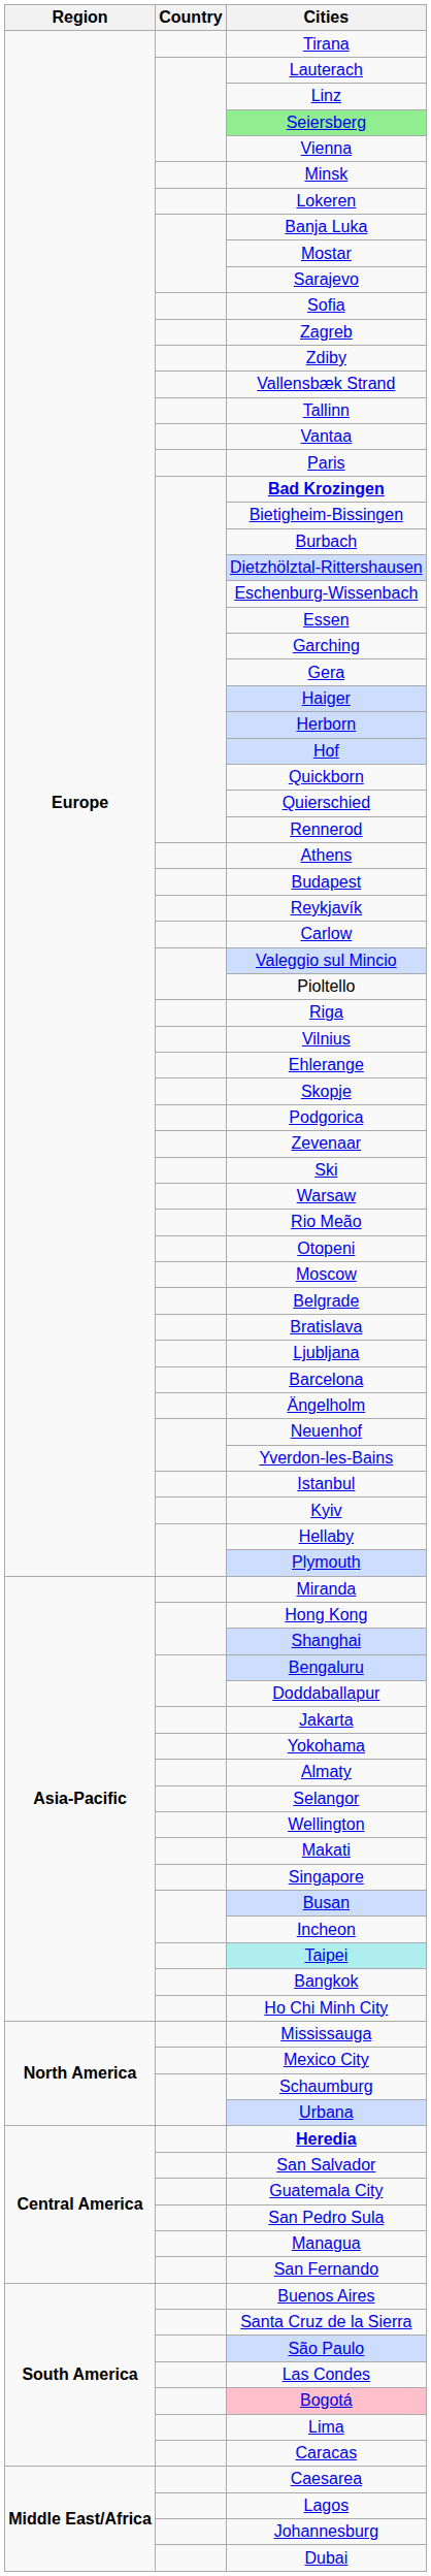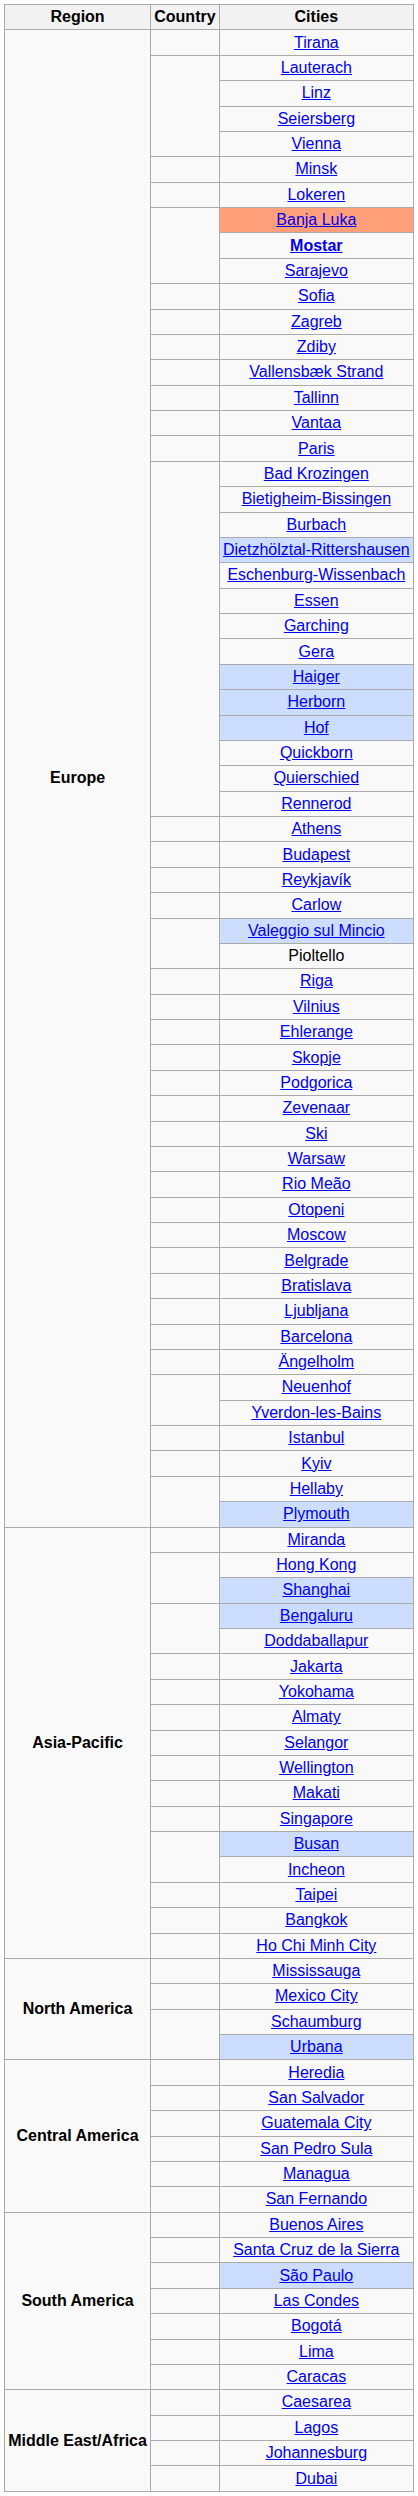 <table class="wikitable non-sortable mw-collapsible">
 <tr>
 <th>Region</th>
 <th>Country</th>
 <th>Cities</th>
 </tr>
 <tr>
 <td style="text-align:center;" rowspan="59"><strong>Europe</strong></td>
 <td rowspan="1"></td>
 <td style="text-align:center;"><a href='#'>Tirana</a></td>
 </tr>
 <tr>
 <td rowspan="4"></td>
 <td style="text-align:center;"><a href='#'>Lauterach</a></td>
 </tr>
 <tr>
 <td style="text-align:center;"><a href='#'>Linz</a></td>
 </tr>
 <tr>
-<td style="background: lightgreen; text-align:center;"><a href='#'>Seiersberg</a></td>
+<td style="text-align:center;"><a href='#'>Seiersberg</a></td>
 </tr>
 <tr>
 <td style="text-align:center;"><a href='#'>Vienna</a></td>
 </tr>
 <tr>
 <td rowspan="1"></td>
 <td style="text-align:center;"><a href='#'>Minsk</a></td>
 </tr>
 <tr>
 <td rowspan="1"></td>
 <td style="text-align:center;"><a href='#'>Lokeren</a></td>
 </tr>
 <tr>
 <td rowspan="3"></td>
-<td style="text-align:center;"><a href='#'>Banja Luka</a></td>
+<td style="background: lightsalmon; text-align:center;"><a href='#'>Banja Luka</a></td>
 </tr>
 <tr>
-<td style="text-align:center;"><a href='#'>Mostar</a></td>
+<td style="text-align:center;"><strong><a href='#'>Mostar</a></strong></td>
 </tr>
 <tr>
 <td style="text-align:center;"><a href='#'>Sarajevo</a></td>
 </tr>
 <tr>
 <td rowspan="1"></td>
 <td style="text-align:center;"><a href='#'>Sofia</a></td>
 </tr>
 <tr>
 <td rowspan="1"></td>
 <td style="text-align:center;"><a href='#'>Zagreb</a></td>
 </tr>
 <tr>
 <td rowspan="1"></td>
 <td style="text-align:center;"><a href='#'>Zdiby</a></td>
 </tr>
 <tr>
 <td rowspan="1"></td>
 <td style="text-align:center;"><a href='#'>Vallensbæk Strand</a></td>
 </tr>
 <tr>
 <td rowspan="1"></td>
 <td style="text-align:center;"><a href='#'>Tallinn</a></td>
 </tr>
 <tr>
 <td rowspan="1"></td>
 <td style="text-align:center;"><a href='#'>Vantaa</a></td>
 </tr>
 <tr>
 <td rowspan="1"></td>
 <td style="text-align:center;"><a href='#'>Paris</a></td>
 </tr>
 <tr>
 <td rowspan="14"></td>
-<td style="text-align:center;"><strong><a href='#'>Bad Krozingen</a></strong></td>
+<td style="text-align:center;"><a href='#'>Bad Krozingen</a></td>
 </tr>
 <tr>
 <td style="text-align:center;"><a href='#'>Bietigheim-Bissingen</a></td>
 </tr>
 <tr>
 <td style="text-align:center;"><a href='#'>Burbach</a></td>
 </tr>
 <tr>
 <td style="text-align:center; background:#ccddff;"><a href='#'>Dietzhölztal-Rittershausen</a></td>
 </tr>
 <tr>
 <td style="text-align:center;"><a href='#'>Eschenburg-Wissenbach</a></td>
 </tr>
 <tr>
 <td style="text-align:center;"><a href='#'>Essen</a></td>
 </tr>
 <tr>
 <td style="text-align:center;"><a href='#'>Garching</a></td>
 </tr>
 <tr>
 <td style="text-align:center;"><a href='#'>Gera</a></td>
 </tr>
 <tr>
 <td style="text-align:center; background:#ccddff;"><a href='#'>Haiger</a></td>
 </tr>
 <tr>
 <td style="text-align:center; background:#ccddff;"><a href='#'>Herborn</a></td>
 </tr>
 <tr>
 <td style="text-align:center; background:#ccddff;"><a href='#'>Hof</a></td>
 </tr>
 <tr>
 <td style="text-align:center;"><a href='#'>Quickborn</a></td>
 </tr>
 <tr>
 <td style="text-align:center;"><a href='#'>Quierschied</a></td>
 </tr>
 <tr>
 <td style="text-align:center;"><a href='#'>Rennerod</a></td>
 </tr>
 <tr>
 <td rowspan="1"></td>
 <td style="text-align:center;"><a href='#'>Athens</a></td>
 </tr>
 <tr>
 <td rowspan="1"></td>
 <td style="text-align:center;"><a href='#'>Budapest</a></td>
 </tr>
 <tr>
 <td rowspan="1"></td>
 <td style="text-align:center;"><a href='#'>Reykjavík</a></td>
 </tr>
 <tr>
 <td rowspan="1"></td>
 <td style="text-align:center;"><a href='#'>Carlow</a></td>
 </tr>
 <tr>
 <td rowspan="2"></td>
 <td style="text-align:center; background:#ccddff;"><a href='#'>Valeggio sul Mincio</a></td>
 </tr>
 <tr>
 <td style="text-align:center;">Pioltello</td>
 </tr>
 <tr>
 <td rowspan="1"></td>
 <td style="text-align:center;"><a href='#'>Riga</a></td>
 </tr>
 <tr>
 <td rowspan="1"></td>
 <td style="text-align:center;"><a href='#'>Vilnius</a></td>
 </tr>
 <tr>
 <td rowspan="1"></td>
 <td style="text-align:center;"><a href='#'>Ehlerange</a></td>
 </tr>
 <tr>
 <td rowspan="1"></td>
 <td style="text-align:center;"><a href='#'>Skopje</a></td>
 </tr>
 <tr>
 <td rowspan="1"></td>
 <td style="text-align:center;"><a href='#'>Podgorica</a></td>
 </tr>
 <tr>
 <td rowspan="1"></td>
 <td style="text-align:center;"><a href='#'>Zevenaar</a></td>
 </tr>
 <tr>
 <td rowspan="1"></td>
 <td style="text-align:center;"><a href='#'>Ski</a></td>
 </tr>
 <tr>
 <td rowspan="1"></td>
 <td style="text-align:center;"><a href='#'>Warsaw</a></td>
 </tr>
 <tr>
 <td rowspan="1"></td>
 <td style="text-align:center;"><a href='#'>Rio Meão</a></td>
 </tr>
 <tr>
 <td rowspan="1"></td>
 <td style="text-align:center;"><a href='#'>Otopeni</a></td>
 </tr>
 <tr>
 <td rowspan="1"></td>
 <td style="text-align:center;"><a href='#'>Moscow</a></td>
 </tr>
 <tr>
 <td rowspan="1"></td>
 <td style="text-align:center;"><a href='#'>Belgrade</a></td>
 </tr>
 <tr>
 <td rowspan="1"></td>
 <td style="text-align:center;"><a href='#'>Bratislava</a></td>
 </tr>
 <tr>
 <td rowspan="1"></td>
 <td style="text-align:center;"><a href='#'>Ljubljana</a></td>
 </tr>
 <tr>
 <td rowspan="1"></td>
 <td style="text-align:center;"><a href='#'>Barcelona</a></td>
 </tr>
 <tr>
 <td rowspan="1"></td>
 <td style="text-align:center;"><a href='#'>Ängelholm</a></td>
 </tr>
 <tr>
 <td rowspan="2"></td>
 <td style="text-align:center;"><a href='#'>Neuenhof</a></td>
 </tr>
 <tr>
 <td style="text-align:center;"><a href='#'>Yverdon-les-Bains</a></td>
 </tr>
 <tr>
 <td rowspan="1"></td>
 <td style="text-align:center;"><a href='#'>Istanbul</a></td>
 </tr>
 <tr>
 <td rowspan="1"></td>
 <td style="text-align:center;"><a href='#'>Kyiv</a></td>
 </tr>
 <tr>
 <td rowspan="2"></td>
 <td style="text-align:center;"><a href='#'>Hellaby</a></td>
 </tr>
 <tr>
 <td style="text-align:center; background:#ccddff;"><a href='#'>Plymouth</a></td>
 </tr>
 <tr>
 <td style="text-align:center;" rowspan="17"><strong>Asia-Pacific</strong></td>
 <td rowspan="1"></td>
 <td style="text-align:center;"><a href='#'>Miranda</a></td>
 </tr>
 <tr>
 <td rowspan="2"></td>
 <td style="text-align:center;"><a href='#'>Hong Kong</a></td>
 </tr>
 <tr>
 <td style="text-align:center; background:#ccddff;"><a href='#'>Shanghai</a></td>
 </tr>
 <tr>
 <td rowspan="2"></td>
 <td style="text-align:center; background:#ccddff;"><a href='#'>Bengaluru</a></td>
 </tr>
 <tr>
 <td style="text-align:center;"><a href='#'>Doddaballapur</a></td>
 </tr>
 <tr>
 <td rowspan="1"></td>
 <td style="text-align:center;"><a href='#'>Jakarta</a></td>
 </tr>
 <tr>
 <td rowspan="1"></td>
 <td style="text-align:center;"><a href='#'>Yokohama</a></td>
 </tr>
 <tr>
 <td rowspan="1"></td>
 <td style="text-align:center;"><a href='#'>Almaty</a></td>
 </tr>
 <tr>
 <td rowspan="1"></td>
 <td style="text-align:center;"><a href='#'>Selangor</a></td>
 </tr>
 <tr>
 <td rowspan="1"></td>
 <td style="text-align:center;"><a href='#'>Wellington</a></td>
 </tr>
 <tr>
 <td rowspan="1"></td>
 <td style="text-align:center;"><a href='#'>Makati</a></td>
 </tr>
 <tr>
 <td rowspan="1"></td>
 <td style="text-align:center;"><a href='#'>Singapore</a></td>
 </tr>
 <tr>
 <td rowspan="2"></td>
 <td style="text-align:center; background:#ccddff;"><a href='#'>Busan</a></td>
 </tr>
 <tr>
 <td style="text-align:center;"><a href='#'>Incheon</a></td>
 </tr>
 <tr>
 <td rowspan="1"></td>
-<td style="background: paleturquoise; text-align:center;"><a href='#'>Taipei</a></td>
+<td style="text-align:center;"><a href='#'>Taipei</a></td>
 </tr>
 <tr>
 <td rowspan="1"></td>
 <td style="text-align:center;"><a href='#'>Bangkok</a></td>
 </tr>
 <tr>
 <td rowspan="1"></td>
 <td style="text-align:center;"><a href='#'>Ho Chi Minh City</a></td>
 </tr>
 <tr>
 <td style="text-align:center;" rowspan="4"><strong>North America</strong></td>
 <td rowspan="1"></td>
 <td style="text-align:center;"><a href='#'>Mississauga</a></td>
 </tr>
 <tr>
 <td rowspan="1"></td>
 <td style="text-align:center;"><a href='#'>Mexico City</a></td>
 </tr>
 <tr>
 <td rowspan="2"></td>
 <td style="text-align:center;"><a href='#'>Schaumburg</a></td>
 </tr>
 <tr>
 <td style="text-align:center; background:#ccddff;"><a href='#'>Urbana</a></td>
 </tr>
 <tr>
 <td style="text-align:center;" rowspan="6"><strong>Central America</strong></td>
 <td rowspan="1"></td>
-<td style="text-align:center;"><strong><a href='#'>Heredia</a></strong></td>
+<td style="text-align:center;"><a href='#'>Heredia</a></td>
 </tr>
 <tr>
 <td rowspan="1"></td>
 <td style="text-align:center;"><a href='#'>San Salvador</a></td>
 </tr>
 <tr>
 <td rowspan="1"></td>
 <td style="text-align:center;"><a href='#'>Guatemala City</a></td>
 </tr>
 <tr>
 <td rowspan="1"></td>
 <td style="text-align:center;"><a href='#'>San Pedro Sula</a></td>
 </tr>
 <tr>
 <td rowspan="1"></td>
 <td style="text-align:center;"><a href='#'>Managua</a></td>
 </tr>
 <tr>
 <td rowspan="1"></td>
 <td style="text-align:center;"><a href='#'>San Fernando</a></td>
 </tr>
 <tr>
 <td style="text-align:center;" rowspan="7"><strong>South America</strong></td>
 <td rowspan="1"></td>
 <td style="text-align:center;"><a href='#'>Buenos Aires</a></td>
 </tr>
 <tr>
 <td rowspan="1"></td>
 <td style="text-align:center;"><a href='#'>Santa Cruz de la Sierra</a></td>
 </tr>
 <tr>
 <td rowspan="1"></td>
 <td style="text-align:center; background:#ccddff;"><a href='#'>São Paulo</a></td>
 </tr>
 <tr>
 <td rowspan="1"></td>
 <td style="text-align:center;"><a href='#'>Las Condes</a></td>
 </tr>
 <tr>
 <td rowspan="1"></td>
-<td style="background: pink; text-align:center;"><a href='#'>Bogotá</a></td>
+<td style="text-align:center;"><a href='#'>Bogotá</a></td>
 </tr>
 <tr>
 <td rowspan="1"></td>
 <td style="text-align:center;"><a href='#'>Lima</a></td>
 </tr>
 <tr>
 <td rowspan="1"></td>
 <td style="text-align:center;"><a href='#'>Caracas</a></td>
 </tr>
 <tr>
 <td style="text-align:center;" rowspan="4"><strong>Middle East/Africa</strong></td>
 <td rowspan="1"></td>
 <td style="text-align:center;"><a href='#'>Caesarea</a></td>
 </tr>
 <tr>
 <td rowspan="1"></td>
 <td style="text-align:center;"><a href='#'>Lagos</a></td>
 </tr>
 <tr>
 <td rowspan="1"></td>
 <td style="text-align:center;"><a href='#'>Johannesburg</a></td>
 </tr>
 <tr>
 <td rowspan="1"></td>
 <td style="text-align:center;"><a href='#'>Dubai</a></td>
 </tr>
 </table>
